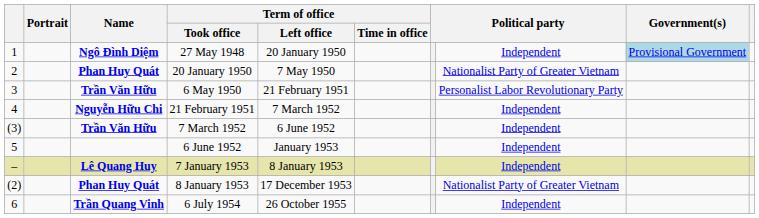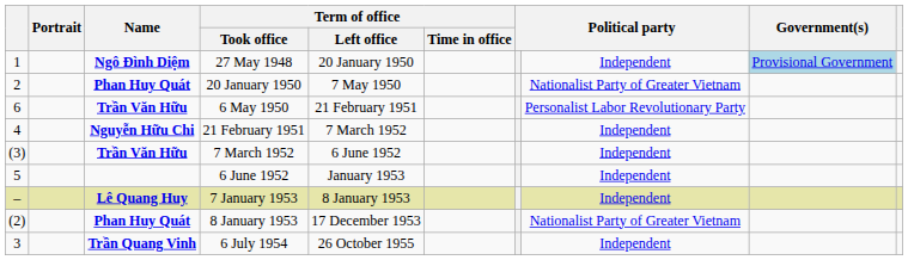 <table class="wikitable" style="text-align:center">
 <tr>
 <th rowspan=2></th>
 <th rowspan=2>Portrait</th>
 <th rowspan=2>Name<br></th>
 <th colspan=3>Term of office</th>
 <th colspan=2 rowspan=2>Political party</th>
 <th rowspan="2">Government(s)</th>
 <th rowspan="2"></th>
 </tr>
 <tr>
 <th>Took office</th>
 <th>Left office</th>
 <th>Time in office</th>
 </tr>
 <tr>
 <td>1</td>
 <td></td>
 <td><strong><a href='#'>Ngô Đình Diệm</a></strong><br></td>
 <td>27 May 1948</td>
 <td>20 January 1950</td>
 <td></td>
 <th style="background:"></th>
 <td><a href='#'>Independent</a></td>
 <td style="background: lightblue;"><a href='#'>Provisional Government</a><br></td>
 <td></td>
 </tr>
 <tr>
 <td>2</td>
 <td></td>
 <td><strong><a href='#'>Phan Huy Quát</a></strong><br></td>
 <td>20 January 1950</td>
 <td>7 May 1950</td>
 <td></td>
 <th style="background:"></th>
 <td><a href='#'>Nationalist Party of Greater Vietnam</a></td>
 <td></td>
 <td></td>
 </tr>
 <tr>
-<td>3</td>
+<td>6</td>
 <td></td>
 <td><strong><a href='#'>Trần Văn Hữu</a></strong><br></td>
 <td>6 May 1950</td>
 <td>21 February 1951</td>
 <td></td>
 <th style="background:"></th>
 <td><a href='#'>Personalist Labor Revolutionary Party</a></td>
 <td></td>
 <td></td>
 </tr>
 <tr>
 <td>4</td>
 <td></td>
 <td><strong><a href='#'>Nguyễn Hữu Chi</a></strong><br></td>
 <td>21 February 1951</td>
 <td>7 March 1952</td>
 <td></td>
 <th style="background:"></th>
 <td><a href='#'>Independent</a></td>
 <td></td>
 <td></td>
 </tr>
 <tr>
 <td>(3)</td>
 <td></td>
 <td><strong><a href='#'>Trần Văn Hữu</a></strong><br></td>
 <td>7 March 1952</td>
 <td>6 June 1952</td>
 <td></td>
 <th style="background:"></th>
 <td><a href='#'>Independent</a></td>
 <td></td>
 <td></td>
 </tr>
 <tr>
 <td>5</td>
 <td></td>
 <td><strong></strong><br></td>
 <td>6 June 1952</td>
 <td>January 1953</td>
 <td></td>
 <th style="background:"></th>
 <td><a href='#'>Independent</a></td>
 <td></td>
 <td></td>
 </tr>
 <tr style="background:#e6e6aa;">
 <td>–</td>
 <td></td>
 <td><strong><a href='#'>Lê Quang Huy</a></strong><br></td>
 <td>7 January 1953</td>
 <td>8 January 1953</td>
 <td></td>
 <th style="background:"></th>
 <td><a href='#'>Independent</a></td>
 <td></td>
 <td></td>
 </tr>
 <tr>
 <td>(2)</td>
 <td></td>
 <td><strong><a href='#'>Phan Huy Quát</a></strong><br></td>
 <td>8 January 1953</td>
 <td>17 December 1953</td>
 <td></td>
 <th style="background:"></th>
 <td><a href='#'>Nationalist Party of Greater Vietnam</a></td>
 <td></td>
 <td></td>
 </tr>
 <tr>
-<td>6</td>
+<td>3</td>
 <td></td>
 <td><strong><a href='#'>Trần Quang Vinh</a></strong><br></td>
 <td>6 July 1954</td>
 <td>26 October 1955</td>
 <td></td>
 <th style="background:"></th>
 <td><a href='#'>Independent</a></td>
 <td></td>
 <td></td>
 </tr>
 </table>
